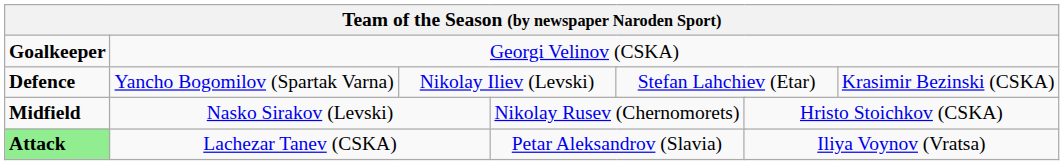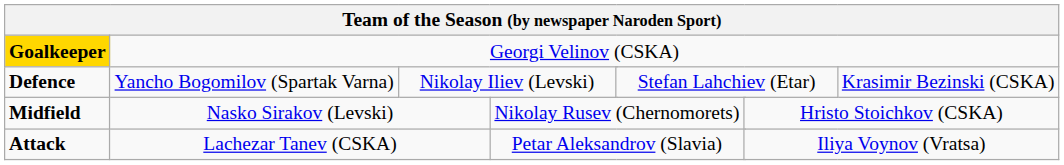 <table class="wikitable">
 <tr>
 <th colspan="13">Team of the Season <small>(by newspaper Naroden Sport)</small></th>
 </tr>
 <tr>
-<td><strong>Goalkeeper</strong></td>
+<td style="background: gold;"><strong>Goalkeeper</strong></td>
 <td colspan="12" align="center"> <a href='#'>Georgi Velinov</a> (CSKA)</td>
 </tr>
 <tr>
 <td><strong>Defence</strong></td>
 <td colspan="3" align="center"> <a href='#'>Yancho Bogomilov</a> (Spartak Varna)</td>
 <td colspan="3" align="center"> <a href='#'>Nikolay Iliev</a> (Levski)</td>
 <td colspan="3" align="center"> <a href='#'>Stefan Lahchiev</a> (Etar)</td>
 <td colspan="3" align="center"> <a href='#'>Krasimir Bezinski</a> (CSKA)</td>
 </tr>
 <tr>
 <td><strong>Midfield</strong></td>
 <td colspan="4" align="center"> <a href='#'>Nasko Sirakov</a> (Levski)</td>
 <td colspan="4" align="center"> <a href='#'>Nikolay Rusev</a> (Chernomorets)</td>
 <td colspan="4" align="center"> <a href='#'>Hristo Stoichkov</a> (CSKA)</td>
 </tr>
 <tr>
-<td style="background: lightgreen;"><strong>Attack</strong></td>
+<td><strong>Attack</strong></td>
 <td colspan="4" align="center"> <a href='#'>Lachezar Tanev</a> (CSKA)</td>
 <td colspan="4" align="center"> <a href='#'>Petar Aleksandrov</a> (Slavia)</td>
 <td colspan="4" align="center"> <a href='#'>Iliya Voynov</a> (Vratsa)</td>
 </tr>
 </table>
